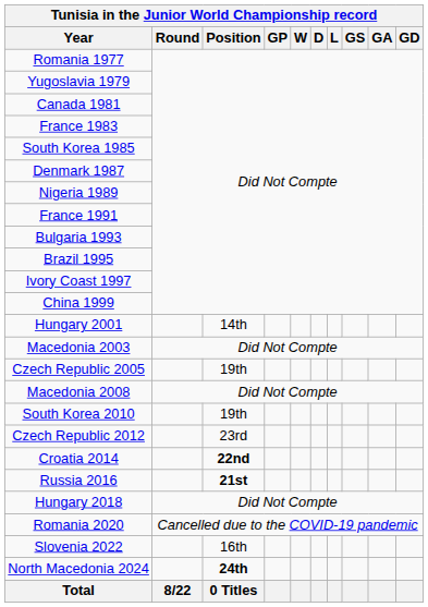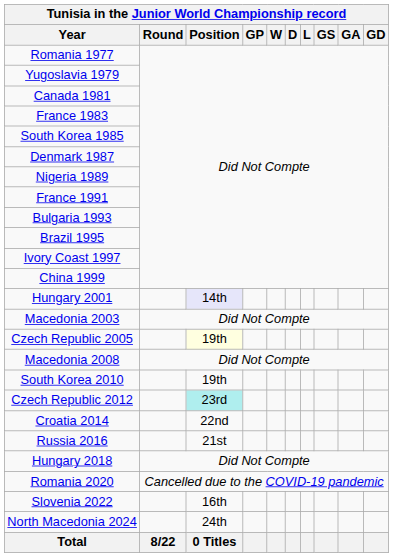 <table class="wikitable" style="text-align: center;">
 <tr>
 <th colspan=10>Tunisia in the <a href='#'>Junior World Championship record</a></th>
 </tr>
 <tr>
 <th>Year</th>
 <th>Round</th>
 <th>Position</th>
 <th>GP</th>
 <th>W</th>
 <th>D</th>
 <th>L</th>
 <th>GS</th>
 <th>GA</th>
 <th>GD</th>
 </tr>
 <tr>
 <td> <a href='#'>Romania 1977</a></td>
 <td colspan=10 rowspan=12 align=center><em>Did Not Compte</em></td>
 </tr>
 <tr>
 <td> <a href='#'>Yugoslavia 1979</a></td>
 </tr>
 <tr>
 <td> <a href='#'>Canada 1981</a></td>
 </tr>
 <tr>
 <td> <a href='#'>France 1983</a></td>
 </tr>
 <tr>
 <td> <a href='#'>South Korea 1985</a></td>
 </tr>
 <tr>
 <td> <a href='#'>Denmark 1987</a></td>
 </tr>
 <tr>
 <td> <a href='#'>Nigeria 1989</a></td>
 </tr>
 <tr>
 <td> <a href='#'>France 1991</a></td>
 </tr>
 <tr>
 <td> <a href='#'>Bulgaria 1993</a></td>
 </tr>
 <tr>
 <td> <a href='#'>Brazil 1995</a></td>
 </tr>
 <tr>
 <td> <a href='#'>Ivory Coast 1997</a></td>
 </tr>
 <tr>
 <td> <a href='#'>China 1999</a></td>
 </tr>
 <tr>
 <td> <a href='#'>Hungary 2001</a></td>
 <td></td>
-<td>14th</td>
+<td style="background: lavender;">14th</td>
 <td></td>
 <td></td>
 <td></td>
 <td></td>
 <td></td>
 <td></td>
 <td></td>
 </tr>
 <tr>
 <td> <a href='#'>Macedonia 2003</a></td>
 <td colspan=10 rowspan=1 align=center><em>Did Not Compte</em></td>
 </tr>
 <tr>
 <td> <a href='#'>Czech Republic 2005</a></td>
 <td></td>
-<td>19th</td>
+<td style="background: lightyellow;">19th</td>
 <td></td>
 <td></td>
 <td></td>
 <td></td>
 <td></td>
 <td></td>
 <td></td>
 </tr>
 <tr>
 <td> <a href='#'>Macedonia 2008</a></td>
 <td colspan=10 rowspan=1 align=center><em>Did Not Compte</em></td>
 </tr>
 <tr bgcolor=>
 <td> <a href='#'>South Korea 2010</a></td>
 <td></td>
 <td>19th</td>
 <td></td>
 <td></td>
 <td></td>
 <td></td>
 <td></td>
 <td></td>
 <td></td>
 </tr>
 <tr>
 <td> <a href='#'>Czech Republic 2012</a></td>
 <td></td>
-<td>23rd</td>
+<td style="background: paleturquoise;">23rd</td>
 <td></td>
 <td></td>
 <td></td>
 <td></td>
 <td></td>
 <td></td>
 <td></td>
 </tr>
 <tr bgcolor=>
 <td> <a href='#'>Croatia 2014</a></td>
 <td></td>
-<td><strong>22nd</strong></td>
+<td>22nd</td>
 <td></td>
 <td></td>
 <td></td>
 <td></td>
 <td></td>
 <td></td>
 <td></td>
 </tr>
 <tr bgcolor=>
 <td> <a href='#'>Russia 2016</a></td>
 <td></td>
-<td><strong>21st</strong></td>
+<td>21st</td>
 <td></td>
 <td></td>
 <td></td>
 <td></td>
 <td></td>
 <td></td>
 <td></td>
 </tr>
 <tr>
 <td> <a href='#'>Hungary 2018</a></td>
 <td colspan=10 rowspan=1 align=center><em>Did Not Compte</em></td>
 </tr>
 <tr bgcolor=>
 <td> <a href='#'>Romania 2020</a></td>
 <td colspan=10 rowspan=1 align=center><em>Cancelled due to the <a href='#'>COVID-19 pandemic</a></em></td>
 </tr>
 <tr bgcolor=>
 <td> <a href='#'>Slovenia 2022</a></td>
 <td></td>
 <td>16th</td>
 <td></td>
 <td></td>
 <td></td>
 <td></td>
 <td></td>
 <td></td>
 <td></td>
 </tr>
 <tr bgcolor=>
 <td> <a href='#'>North Macedonia 2024</a></td>
 <td></td>
-<td><strong>24th</strong></td>
+<td>24th</td>
 <td></td>
 <td></td>
 <td></td>
 <td></td>
 <td></td>
 <td></td>
 <td></td>
 </tr>
 <tr>
 <th>Total</th>
 <th>8/22</th>
 <th>0 Titles</th>
 <th></th>
 <th></th>
 <th></th>
 <th></th>
 <th></th>
 <th></th>
 <th></th>
 </tr>
 </table>
